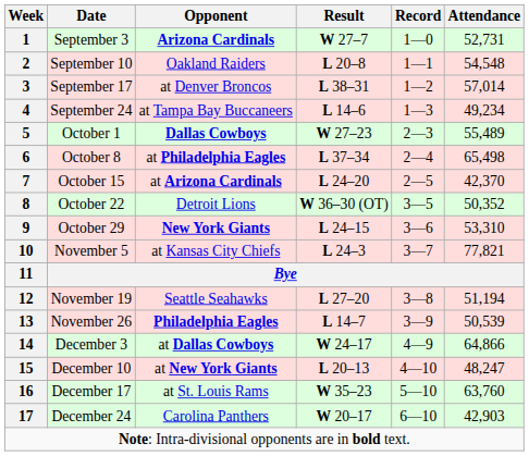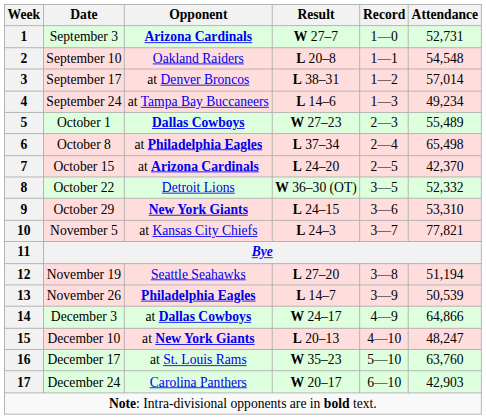 <table class="wikitable"  style="text-align: center;">
 <tr>
 <th>Week</th>
 <th>Date</th>
 <th>Opponent</th>
 <th>Result</th>
 <th>Record</th>
 <th>Attendance</th>
 </tr>
 <tr style="background: #ddffdd;">
 <th>1</th>
 <td>September 3</td>
 <td><strong><a href='#'>Arizona Cardinals</a></strong></td>
 <td><strong>W</strong> 27–7</td>
 <td>1—0</td>
 <td>52,731</td>
 </tr>
 <tr style="background: #ffdddd;">
 <th>2</th>
 <td>September 10</td>
 <td><a href='#'>Oakland Raiders</a></td>
 <td><strong>L</strong> 20–8</td>
 <td>1—1</td>
 <td>54,548</td>
 </tr>
 <tr style="background: #ffdddd;">
 <th>3</th>
 <td>September 17</td>
 <td>at <a href='#'>Denver Broncos</a></td>
 <td><strong>L</strong> 38–31</td>
 <td>1—2</td>
 <td>57,014</td>
 </tr>
 <tr style="background: #ffdddd;">
 <th>4</th>
 <td>September 24</td>
 <td>at <a href='#'>Tampa Bay Buccaneers</a></td>
 <td><strong>L</strong> 14–6</td>
 <td>1—3</td>
 <td>49,234</td>
 </tr>
 <tr style="background: #ddffdd;">
 <th>5</th>
 <td>October 1</td>
 <td><strong><a href='#'>Dallas Cowboys</a></strong></td>
 <td><strong>W</strong> 27–23</td>
 <td>2—3</td>
 <td>55,489</td>
 </tr>
 <tr style="background: #ffdddd;">
 <th>6</th>
 <td>October 8</td>
 <td>at <strong><a href='#'>Philadelphia Eagles</a></strong></td>
 <td><strong>L</strong> 37–34</td>
 <td>2—4</td>
 <td>65,498</td>
 </tr>
 <tr style="background: #ffdddd;">
 <th>7</th>
 <td>October 15</td>
 <td>at <strong><a href='#'>Arizona Cardinals</a></strong></td>
 <td><strong>L</strong> 24–20</td>
 <td>2—5</td>
 <td>42,370</td>
 </tr>
 <tr style="background: #ddffdd;">
 <th>8</th>
 <td>October 22</td>
 <td><a href='#'>Detroit Lions</a></td>
 <td><strong>W</strong> 36–30 (OT)</td>
 <td>3—5</td>
-<td>50,352</td>
+<td>52,332</td>
 </tr>
 <tr style="background: #ffdddd;">
 <th>9</th>
 <td>October 29</td>
 <td><strong><a href='#'>New York Giants</a></strong></td>
 <td><strong>L</strong> 24–15</td>
 <td>3—6</td>
 <td>53,310</td>
 </tr>
 <tr style="background: #ffdddd;">
 <th>10</th>
 <td>November 5</td>
 <td>at <a href='#'>Kansas City Chiefs</a></td>
 <td><strong>L</strong> 24–3</td>
 <td>3—7</td>
 <td>77,821</td>
 </tr>
 <tr>
 <th>11</th>
 <th colspan="5"><em><a href='#'>Bye</a></em></th>
 </tr>
 <tr style="background: #ffdddd;">
 <th>12</th>
 <td>November 19</td>
 <td><a href='#'>Seattle Seahawks</a></td>
 <td><strong>L</strong> 27–20</td>
 <td>3—8</td>
 <td>51,194</td>
 </tr>
 <tr style="background: #ffdddd;">
 <th>13</th>
 <td>November 26</td>
 <td><strong><a href='#'>Philadelphia Eagles</a></strong></td>
 <td><strong>L</strong> 14–7</td>
 <td>3—9</td>
 <td>50,539</td>
 </tr>
 <tr style="background: #ddffdd;">
 <th>14</th>
 <td>December 3</td>
 <td>at <strong><a href='#'>Dallas Cowboys</a></strong></td>
 <td><strong>W</strong> 24–17</td>
 <td>4—9</td>
 <td>64,866</td>
 </tr>
 <tr style="background: #ffdddd;">
 <th>15</th>
 <td>December 10</td>
 <td>at <strong><a href='#'>New York Giants</a></strong></td>
 <td><strong>L</strong> 20–13</td>
 <td>4—10</td>
 <td>48,247</td>
 </tr>
 <tr style="background: #ddffdd;">
 <th>16</th>
 <td>December 17</td>
 <td>at <a href='#'>St. Louis Rams</a></td>
 <td><strong>W</strong> 35–23</td>
 <td>5—10</td>
 <td>63,760</td>
 </tr>
 <tr style="background: #ddffdd;">
 <th>17</th>
 <td>December 24</td>
 <td><a href='#'>Carolina Panthers</a></td>
 <td><strong>W</strong> 20–17</td>
 <td>6—10</td>
 <td>42,903</td>
 </tr>
 <tr>
 <td colspan="6"><strong>Note</strong>: Intra-divisional opponents are in <strong>bold</strong> text.</td>
 </tr>
 </table>
